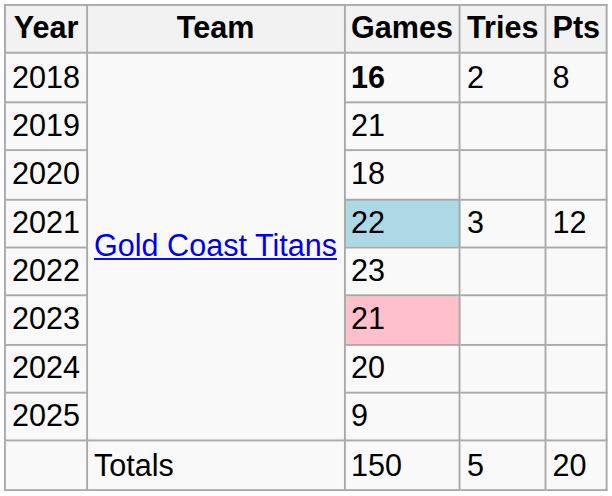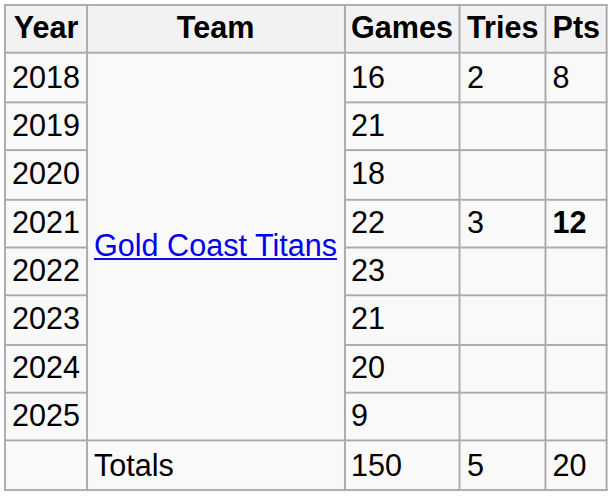 <table class="wikitable">
 <tr>
 <th>Year</th>
 <th>Team</th>
 <th>Games</th>
 <th>Tries</th>
 <th>Pts</th>
 </tr>
 <tr>
 <td>2018</td>
 <td rowspan="8"> <a href='#'>Gold Coast Titans</a></td>
-<td><strong>16</strong></td>
+<td>16</td>
 <td>2</td>
 <td>8</td>
 </tr>
 <tr>
 <td>2019</td>
 <td>21</td>
 <td></td>
 <td></td>
 </tr>
 <tr>
 <td>2020</td>
 <td>18</td>
 <td></td>
 <td></td>
 </tr>
 <tr>
 <td>2021</td>
-<td style="background: lightblue;">22</td>
+<td>22</td>
 <td>3</td>
-<td>12</td>
+<td><strong>12</strong></td>
 </tr>
 <tr>
 <td>2022</td>
 <td>23</td>
 <td></td>
 <td></td>
 </tr>
 <tr>
 <td>2023</td>
-<td style="background: pink;">21</td>
+<td>21</td>
 <td></td>
 <td></td>
 </tr>
 <tr>
 <td>2024</td>
 <td>20</td>
 <td></td>
 <td></td>
 </tr>
 <tr>
 <td>2025</td>
 <td>9</td>
 <td></td>
 <td></td>
 </tr>
 <tr>
 <td></td>
 <td>Totals</td>
 <td>150</td>
 <td>5</td>
 <td>20</td>
 </tr>
 </table>
